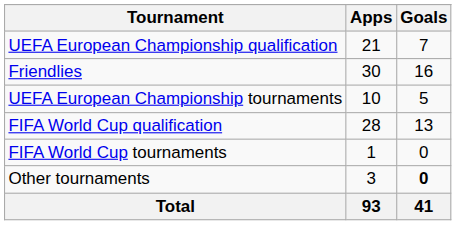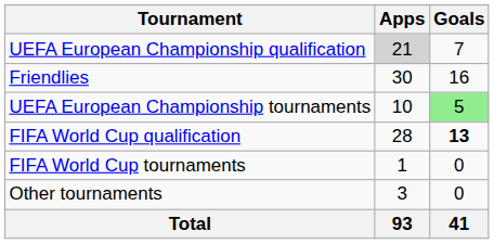 <table class="wikitable sortable" style="text-align:center">
 <tr>
 </tr>
 <tr>
 <th scope=col>Tournament</th>
 <th scope=col>Apps</th>
 <th scope=col>Goals</th>
 </tr>
 <tr>
 <td style=text-align:left scope=row><a href='#'>UEFA European Championship qualification</a></td>
-<td>21</td>
+<td style="background: lightgrey;">21</td>
 <td>7</td>
 </tr>
 <tr>
 <td style=text-align:left scope=row><a href='#'>Friendlies</a></td>
 <td>30</td>
 <td>16</td>
 </tr>
 <tr>
 <td style=text-align:left scope=row><a href='#'>UEFA European Championship</a> tournaments</td>
 <td>10</td>
-<td>5</td>
+<td style="background: lightgreen;">5</td>
 </tr>
 <tr>
 <td style=text-align:left scope=row><a href='#'>FIFA World Cup qualification</a></td>
 <td>28</td>
-<td>13</td>
+<td><strong>13</strong></td>
 </tr>
 <tr>
 <td style=text-align:left scope=row><a href='#'>FIFA World Cup</a> tournaments</td>
 <td>1</td>
 <td>0</td>
 </tr>
 <tr>
 <td style=text-align:left scope=row>Other tournaments</td>
 <td>3</td>
-<td><strong>0</strong></td>
+<td>0</td>
 </tr>
 <tr>
 <th scope=row>Total</th>
 <th>93</th>
 <th>41</th>
 </tr>
 </table>
